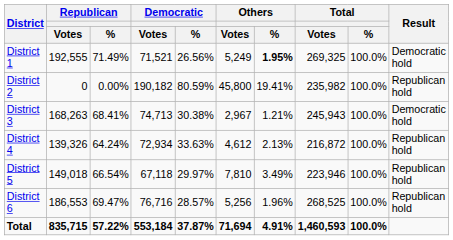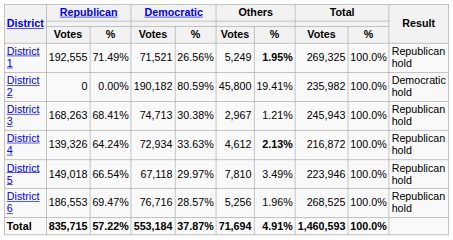 <table class="wikitable plainrowheaders sortable" style="font-size:100%; text-align:right;">
 <tr>
 <th scope=col rowspan=3><a href='#'>District</a></th>
 <th scope=col colspan=2><a href='#'>Republican</a></th>
 <th scope=col colspan=2><a href='#'>Democratic</a></th>
 <th scope=col colspan=2>Others</th>
 <th scope=col colspan=2>Total</th>
 <th scope=col rowspan=3>Result</th>
 </tr>
 <tr>
 <th scope=col colspan=2 style="background:"></th>
 <th scope=col colspan=2 style="background:"></th>
 <th scope=col colspan=2></th>
 <th scope=col colspan=2></th>
 </tr>
 <tr>
 <th scope=col data-sort-type="number">Votes</th>
 <th scope=col data-sort-type="number">%</th>
 <th scope=col data-sort-type="number">Votes</th>
 <th scope=col data-sort-type="number">%</th>
 <th scope=col data-sort-type="number">Votes</th>
 <th scope=col data-sort-type="number">%</th>
 <th scope=col data-sort-type="number">Votes</th>
 <th scope=col data-sort-type="number">%</th>
 </tr>
 <tr>
 <td align=left><a href='#'>District 1</a></td>
 <td>192,555</td>
 <td>71.49%</td>
 <td>71,521</td>
 <td>26.56%</td>
 <td>5,249</td>
 <td><strong>1.95%</strong></td>
 <td>269,325</td>
 <td>100.0%</td>
-<td align=left>Democratic hold</td>
+<td align=left>Republican hold</td>
 </tr>
 <tr>
 <td align=left><a href='#'>District 2</a></td>
 <td>0</td>
 <td>0.00%</td>
 <td>190,182</td>
 <td>80.59%</td>
 <td>45,800</td>
 <td>19.41%</td>
 <td>235,982</td>
 <td>100.0%</td>
-<td align=left>Republican hold</td>
+<td align=left>Democratic hold</td>
 </tr>
 <tr>
 <td align=left><a href='#'>District 3</a></td>
 <td>168,263</td>
 <td>68.41%</td>
 <td>74,713</td>
 <td>30.38%</td>
 <td>2,967</td>
 <td>1.21%</td>
 <td>245,943</td>
 <td>100.0%</td>
-<td align=left>Democratic hold</td>
+<td align=left>Republican hold</td>
 </tr>
 <tr>
 <td align=left><a href='#'>District 4</a></td>
 <td>139,326</td>
 <td>64.24%</td>
 <td>72,934</td>
 <td>33.63%</td>
 <td>4,612</td>
-<td>2.13%</td>
+<td><strong>2.13%</strong></td>
 <td>216,872</td>
 <td>100.0%</td>
 <td align=left>Republican hold</td>
 </tr>
 <tr>
 <td align=left><a href='#'>District 5</a></td>
 <td>149,018</td>
 <td>66.54%</td>
 <td>67,118</td>
 <td>29.97%</td>
 <td>7,810</td>
 <td>3.49%</td>
 <td>223,946</td>
 <td>100.0%</td>
 <td align=left>Republican hold</td>
 </tr>
 <tr>
 <td align=left><a href='#'>District 6</a></td>
 <td>186,553</td>
 <td>69.47%</td>
 <td>76,716</td>
 <td>28.57%</td>
 <td>5,256</td>
 <td>1.96%</td>
 <td>268,525</td>
 <td>100.0%</td>
 <td align=left>Republican hold</td>
 </tr>
 <tr class="sortbottom" style="font-weight:bold">
 <td align=left>Total</td>
 <td>835,715</td>
 <td>57.22%</td>
 <td>553,184</td>
 <td>37.87%</td>
 <td>71,694</td>
 <td>4.91%</td>
 <td>1,460,593</td>
 <td>100.0%</td>
 <td></td>
 </tr>
 </table>
